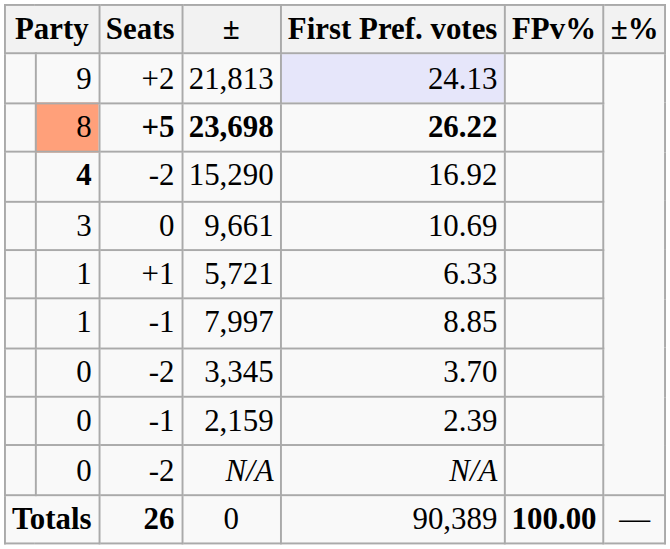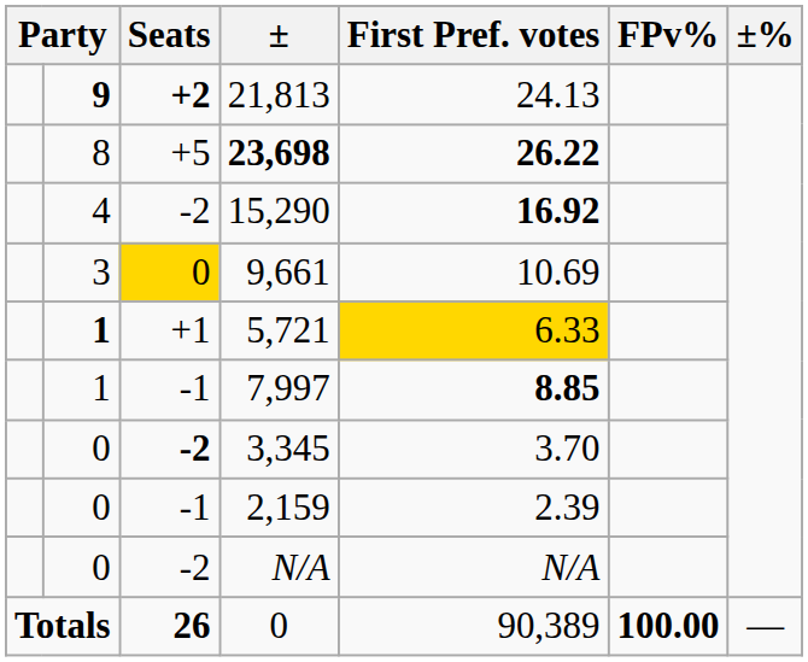 <table class=wikitable>
 <tr>
 <th colspan=2 align=center>Party</th>
 <th valign=top>Seats</th>
 <th valign=top>±</th>
 <th valign=top>First Pref. votes</th>
 <th valign=top>FPv%</th>
 <th valign=top>±%</th>
 </tr>
 <tr>
 <td></td>
-<td align=right>9</td>
-<td align=right>+2</td>
+<td align=right><strong>9</strong></td>
+<td align=right><strong>+2</strong></td>
 <td align=right>21,813</td>
-<td align=right style="background: lavender;">24.13</td>
+<td align=right>24.13</td>
 <td align=right></td>
 </tr>
 <tr>
 <td></td>
-<td align=right style="background: lightsalmon;">8</td>
-<td align=right><strong>+5</strong></td>
+<td align=right>8</td>
+<td align=right>+5</td>
 <td align=right><strong>23,698</strong></td>
 <td align=right><strong>26.22</strong></td>
 <td align=right></td>
 </tr>
 <tr>
 <td></td>
-<td align=right><strong>4</strong></td>
+<td align=right>4</td>
 <td align=right>-2</td>
 <td align=right>15,290</td>
-<td align=right>16.92</td>
+<td align=right><strong>16.92</strong></td>
 <td align=right></td>
 </tr>
 <tr>
 <td></td>
 <td align=right>3</td>
-<td align=right>0</td>
+<td align=right style="background: gold;">0</td>
 <td align=right>9,661</td>
 <td align=right>10.69</td>
 <td align=right></td>
 </tr>
 <tr>
 <td></td>
-<td align=right>1</td>
+<td align=right><strong>1</strong></td>
 <td align=right>+1</td>
 <td align=right>5,721</td>
-<td align=right>6.33</td>
+<td align=right style="background: gold;">6.33</td>
 <td align=right></td>
 </tr>
 <tr>
 <td></td>
 <td align=right>1</td>
 <td align=right>-1</td>
 <td align=right>7,997</td>
-<td align=right>8.85</td>
+<td align=right><strong>8.85</strong></td>
 <td align=right></td>
 </tr>
 <tr>
 <td></td>
 <td align=right>0</td>
-<td align=right>-2</td>
+<td align=right><strong>-2</strong></td>
 <td align=right>3,345</td>
 <td align=right>3.70</td>
 <td align=right></td>
 </tr>
 <tr>
 <td></td>
 <td align=right>0</td>
 <td align=right>-1</td>
 <td align=right>2,159</td>
 <td align=right>2.39</td>
 <td align=right></td>
 </tr>
 <tr>
 <td></td>
 <td align=right>0</td>
 <td align=right>-2</td>
 <td align=right><em>N/A</em></td>
 <td align=right><em>N/A</em></td>
 <td align=right></td>
 </tr>
 <tr>
 <td colspan=2 align=center><strong>Totals</strong></td>
 <td align=right><strong>26</strong></td>
 <td align=center>0</td>
 <td align=right>90,389</td>
 <td align=center><strong>100.00</strong></td>
 <td align=center>—</td>
 </tr>
 </table>
